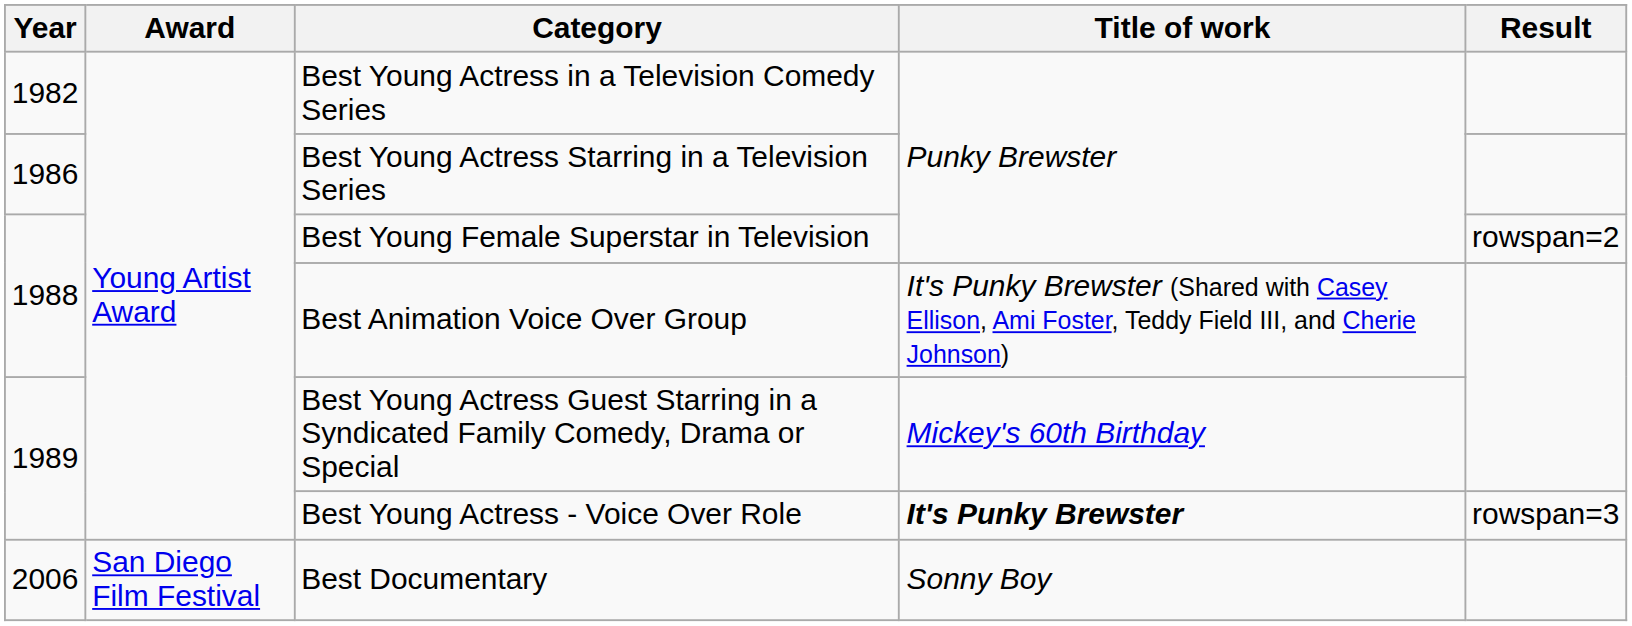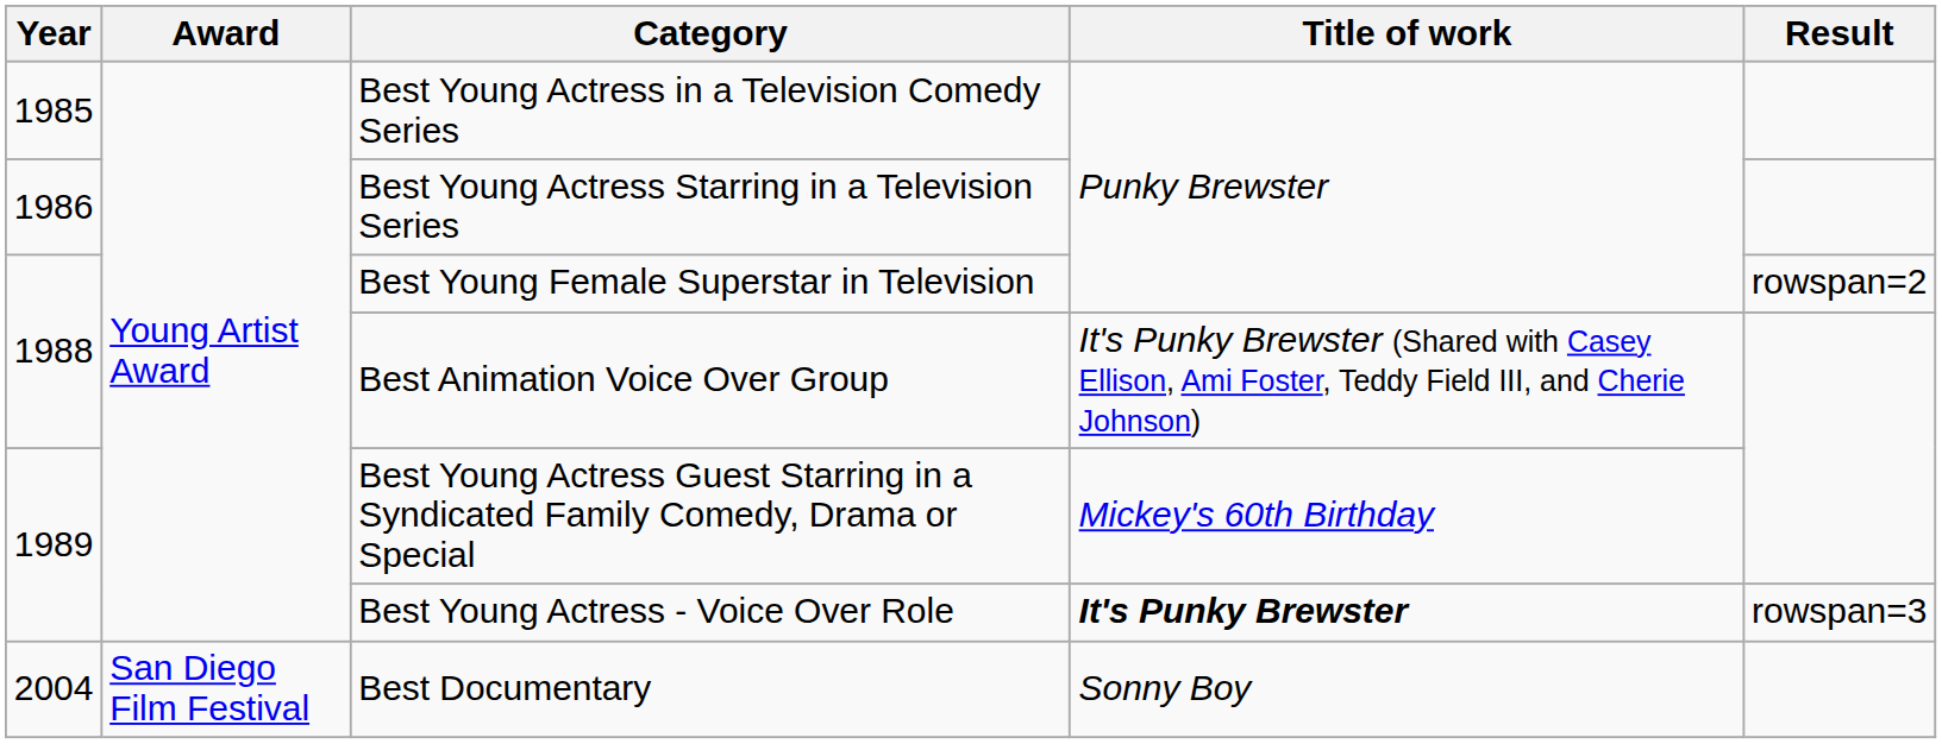 <table class="wikitable">
 <tr>
 <th>Year</th>
 <th>Award</th>
 <th>Category</th>
 <th>Title of work</th>
 <th>Result</th>
 </tr>
 <tr>
-<td>1982</td>
+<td>1985</td>
 <td rowspan=6><a href='#'>Young Artist Award</a></td>
 <td>Best Young Actress in a Television Comedy Series</td>
 <td rowspan=3><em>Punky Brewster</em></td>
 <td></td>
 </tr>
 <tr>
 <td>1986</td>
 <td>Best Young Actress Starring in a Television Series</td>
 <td></td>
 </tr>
 <tr>
 <td rowspan=2>1988</td>
 <td>Best Young Female Superstar in Television</td>
 <td>rowspan=2 </td>
 </tr>
 <tr>
 <td>Best Animation Voice Over Group</td>
 <td><em>It's Punky Brewster</em> <small>(Shared with <a href='#'>Casey Ellison</a>, <a href='#'>Ami Foster</a>, Teddy Field III, and <a href='#'>Cherie Johnson</a>)</small></td>
 </tr>
 <tr>
 <td rowspan=2>1989</td>
 <td>Best Young Actress Guest Starring in a Syndicated Family Comedy, Drama or Special</td>
 <td><em><a href='#'>Mickey's 60th Birthday</a></em></td>
 </tr>
 <tr>
 <td>Best Young Actress - Voice Over Role</td>
 <td><strong><em>It's Punky Brewster</em></strong></td>
 <td>rowspan=3 </td>
 </tr>
 <tr>
-<td>2006</td>
+<td>2004</td>
 <td><a href='#'>San Diego Film Festival</a></td>
 <td>Best Documentary</td>
 <td><em>Sonny Boy</em></td>
 </tr>
 </table>
